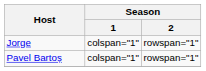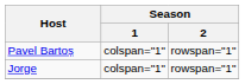 <table class="wikitable">
 <tr>
 <th rowspan="2"  width="125">Host</th>
 <th colspan=2 style=text-align:center;>Season</th>
 </tr>
 <tr>
 <th ! width="25">1</th>
 <th width="25">2</th>
 </tr>
 <tr>
-<td><a href='#'>Jorge</a></td>
+<td><a href='#'>Pavel Bartoș</a></td>
 <td>colspan="1" </td>
 <td>rowspan="1" </td>
 </tr>
 <tr>
-<td><a href='#'>Pavel Bartoș</a></td>
+<td><a href='#'>Jorge</a></td>
 <td>colspan="1" </td>
 <td>rowspan="1" </td>
 </tr>
 <tr>
 </tr>
 </table>
